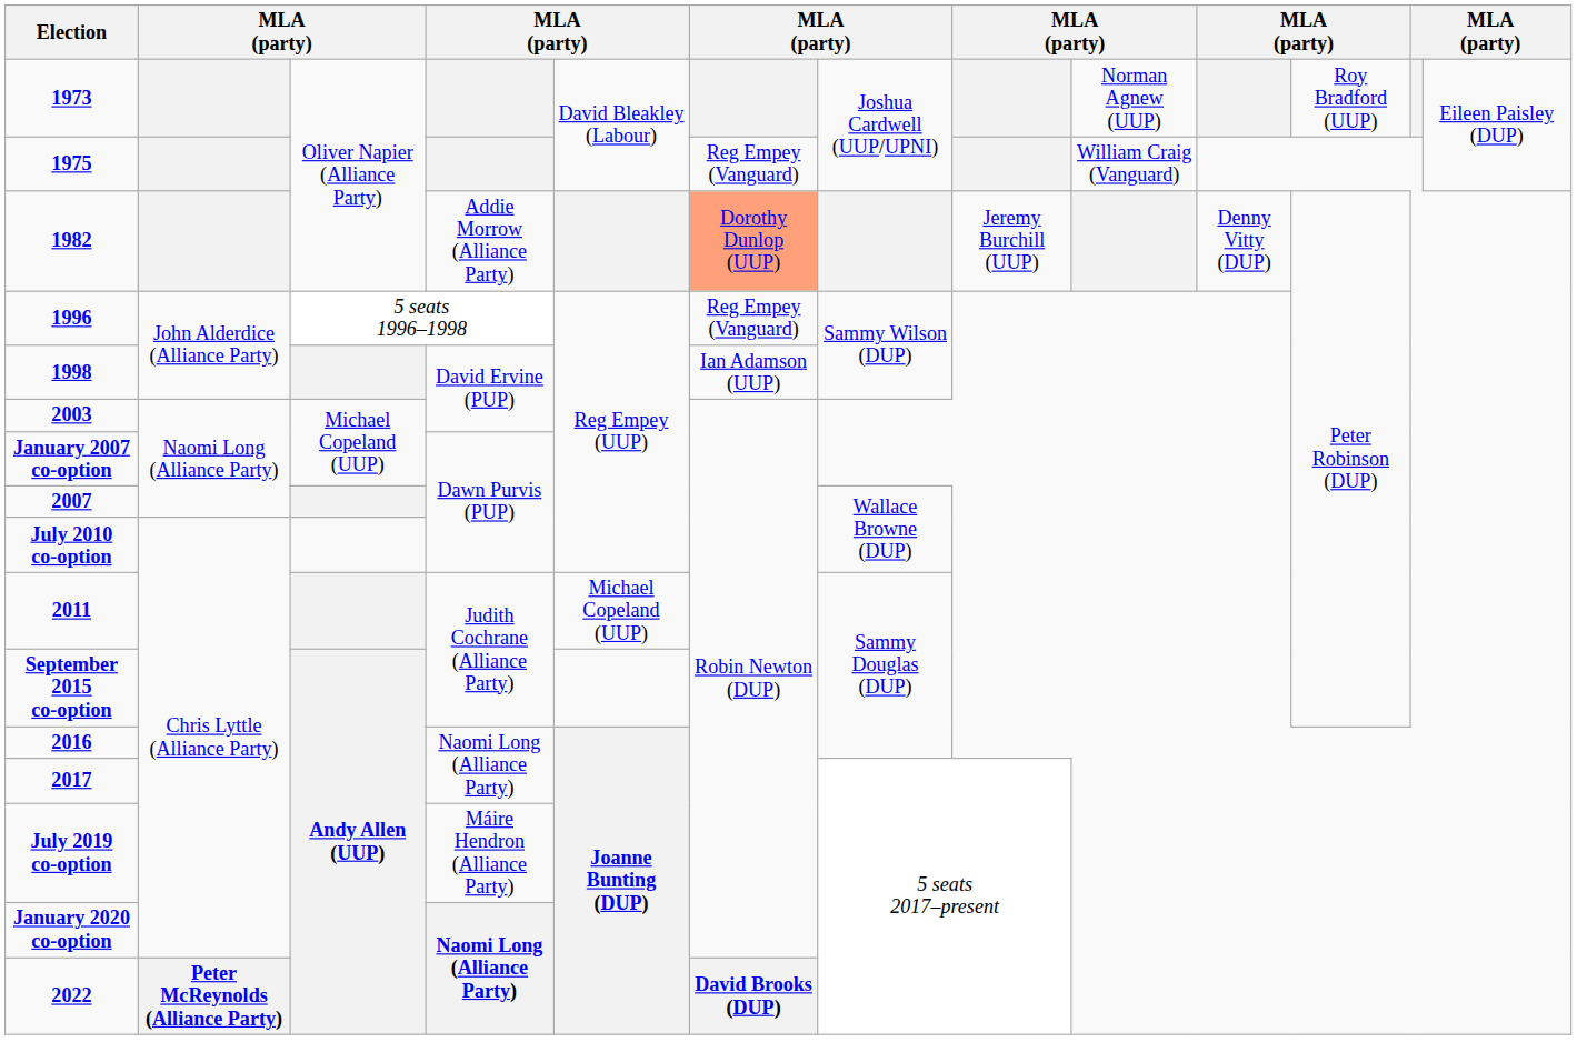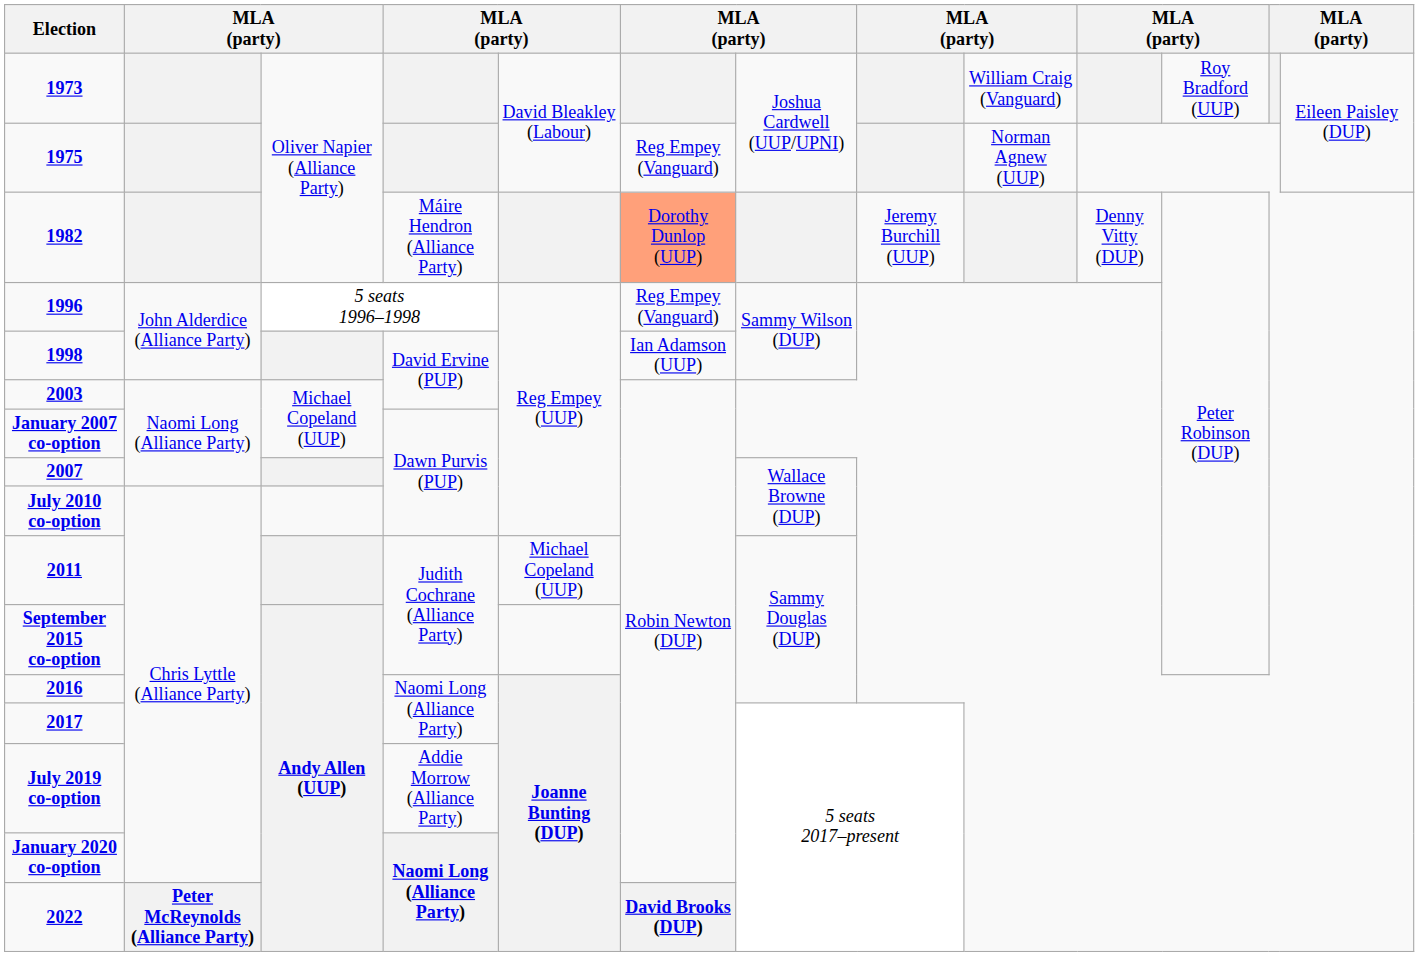 <table class="wikitable" style="text-align:center">
 <tr>
 <th>Election</th>
 <th scope="col" width="150" colspan = "2">MLA<br> (party)</th>
 <th scope="col" width="150" colspan = "2">MLA<br> (party)</th>
 <th scope="col" width="150" colspan = "2">MLA<br> (party)</th>
 <th scope="col" width="150" colspan = "2">MLA<br> (party)</th>
 <th scope="col" width="150" colspan = "2">MLA<br> (party)</th>
 <th scope="col" width="150" colspan = "2">MLA<br> (party)</th>
 </tr>
 <tr>
 <td><strong><a href='#'>1973</a></strong></td>
 <th style="background-color: "></th>
 <td rowspan=3><a href='#'>Oliver Napier</a><br>(<a href='#'>Alliance Party</a>)</td>
 <th style="background-color: "></th>
 <td rowspan=2><a href='#'>David Bleakley</a><br>(<a href='#'>Labour</a>)</td>
 <th style="background-color: "></th>
 <td rowspan=2><a href='#'>Joshua Cardwell</a><br>(<a href='#'>UUP</a>/<a href='#'>UPNI</a>)</td>
 <th style="background-color: "></th>
-<td><a href='#'>Norman Agnew</a><br>(<a href='#'>UUP</a>)</td>
+<td><a href='#'>William Craig</a><br>(<a href='#'>Vanguard</a>)</td>
 <th style="background-color: "></th>
 <td><a href='#'>Roy Bradford</a><br>(<a href='#'>UUP</a>)</td>
 <th style="background-color: "></th>
 <td rowspan=2><a href='#'>Eileen Paisley</a><br>(<a href='#'>DUP</a>)</td>
 </tr>
 <tr>
 <td><strong><a href='#'>1975</a></strong></td>
 <th style="background-color: "></th>
 <th style="background-color: "></th>
 <td><a href='#'>Reg Empey</a><br>(<a href='#'>Vanguard</a>)</td>
 <th style="background-color: "></th>
-<td><a href='#'>William Craig</a><br>(<a href='#'>Vanguard</a>)</td>
+<td><a href='#'>Norman Agnew</a><br>(<a href='#'>UUP</a>)</td>
 </tr>
 <tr>
 <td><strong><a href='#'>1982</a></strong></td>
 <th style="background-color: "></th>
-<td><a href='#'>Addie Morrow</a><br>(<a href='#'>Alliance Party</a>)</td>
+<td><a href='#'>Máire Hendron</a><br>(<a href='#'>Alliance Party</a>)</td>
 <th style="background-color: "></th>
 <td style="background: lightsalmon;"><a href='#'>Dorothy Dunlop</a><br>(<a href='#'>UUP</a>)</td>
 <th style="background-color: "></th>
 <td><a href='#'>Jeremy Burchill</a><br>(<a href='#'>UUP</a>)</td>
 <th style="background-color: "></th>
 <td><a href='#'>Denny Vitty</a><br>(<a href='#'>DUP</a>)</td>
 <td rowspan=9><a href='#'>Peter Robinson</a><br>(<a href='#'>DUP</a>)</td>
 </tr>
 <tr>
 <td><strong><a href='#'>1996</a></strong></td>
 <td rowspan=2><a href='#'>John Alderdice</a><br>(<a href='#'>Alliance Party</a>)</td>
 <td style="background-color:#FFFFFF" colspan=2><em>5 seats<br>1996–1998</em></td>
 <td rowspan=6><a href='#'>Reg Empey</a><br>(<a href='#'>UUP</a>)</td>
 <td><a href='#'>Reg Empey</a><br>(<a href='#'>Vanguard</a>)</td>
 <td rowspan=2><a href='#'>Sammy Wilson</a><br>(<a href='#'>DUP</a>)</td>
 </tr>
 <tr>
 <td><strong><a href='#'>1998</a></strong></td>
 <th style="background-color: "></th>
 <td rowspan=2><a href='#'>David Ervine</a><br>(<a href='#'>PUP</a>)</td>
 <td><a href='#'>Ian Adamson</a><br>(<a href='#'>UUP</a>)</td>
 </tr>
 <tr>
 <td><strong><a href='#'>2003</a></strong></td>
 <td rowspan=3><a href='#'>Naomi Long</a><br>(<a href='#'>Alliance Party</a>)</td>
 <td rowspan=2><a href='#'>Michael Copeland</a><br>(<a href='#'>UUP</a>)</td>
 <td rowspan=10><a href='#'>Robin Newton</a><br>(<a href='#'>DUP</a>)</td>
 </tr>
 <tr>
 <td><strong><a href='#'>January 2007<br>co-option</a></strong></td>
 <td rowspan=3><a href='#'>Dawn Purvis</a><br>(<a href='#'>PUP</a>)</td>
 </tr>
 <tr>
 <td><strong><a href='#'>2007</a></strong></td>
 <th style="background-color: "></th>
 <td rowspan=2><a href='#'>Wallace Browne</a><br>(<a href='#'>DUP</a>)</td>
 </tr>
 <tr>
 <td><strong><a href='#'>July 2010<br>co-option</a></strong></td>
 <td rowspan=7><a href='#'>Chris Lyttle</a><br>(<a href='#'>Alliance Party</a>)</td>
 </tr>
 <tr>
 <td><strong><a href='#'>2011</a></strong></td>
 <th style="background-color: "></th>
 <td rowspan=2><a href='#'>Judith Cochrane</a><br>(<a href='#'>Alliance Party</a>)</td>
 <td><a href='#'>Michael Copeland</a><br>(<a href='#'>UUP</a>)</td>
 <td rowspan=3><a href='#'>Sammy Douglas</a><br>(<a href='#'>DUP</a>)</td>
 </tr>
 <tr>
 <td><strong><a href='#'>September 2015<br>co-option</a></strong></td>
 <th rowspan=6><a href='#'>Andy Allen</a><br>(<a href='#'>UUP</a>)</th>
 </tr>
 <tr>
 <td><strong><a href='#'>2016</a></strong></td>
 <td rowspan=2><a href='#'>Naomi Long</a><br>(<a href='#'>Alliance Party</a>)</td>
 <th rowspan=5><a href='#'>Joanne Bunting</a><br>(<a href='#'>DUP</a>)</th>
 </tr>
 <tr>
 <td><strong><a href='#'>2017</a></strong></td>
 <td style="background-color:#FFFFFF" colspan=2 rowspan=4><em>5 seats<br>2017–present</em></td>
 </tr>
 <tr>
 <td><strong><a href='#'>July 2019<br>co-option</a></strong></td>
-<td><a href='#'>Máire Hendron</a><br>(<a href='#'>Alliance Party</a>)</td>
+<td><a href='#'>Addie Morrow</a><br>(<a href='#'>Alliance Party</a>)</td>
 </tr>
 <tr>
 <td><strong><a href='#'>January 2020<br>co-option</a></strong></td>
 <th rowspan=2><a href='#'>Naomi Long</a><br>(<a href='#'>Alliance Party</a>)</th>
 </tr>
 <tr>
 <td><strong><a href='#'>2022</a></strong></td>
 <th><a href='#'>Peter McReynolds</a><br>(<a href='#'>Alliance Party</a>)</th>
 <th><a href='#'>David Brooks</a><br>(<a href='#'>DUP</a>)</th>
 </tr>
 </table>
